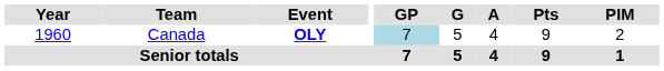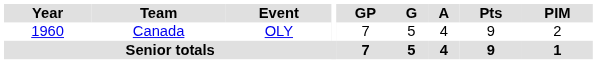 <table border="0" cellpadding="1" cellspacing="0" ID="Table3" style="text-align:center; width:40em">
 <tr bgcolor="#e0e0e0">
 <th>Year</th>
 <th>Team</th>
 <th>Event</th>
 <th rowspan="102" bgcolor="#ffffff"></th>
 <th>GP</th>
 <th>G</th>
 <th>A</th>
 <th>Pts</th>
 <th>PIM</th>
 </tr>
 <tr>
 <td><a href='#'>1960</a></td>
 <td><a href='#'>Canada</a></td>
-<td><strong><a href='#'>OLY</a></strong></td>
-<td style="background: lightblue;">7</td>
+<td><a href='#'>OLY</a></td>
+<td>7</td>
 <td>5</td>
 <td>4</td>
 <td>9</td>
 <td>2</td>
 </tr>
 <tr bgcolor="#e0e0e0">
 <th colspan="4">Senior totals</th>
 <th>7</th>
 <th>5</th>
 <th>4</th>
 <th>9</th>
 <th>1</th>
 </tr>
 </table>
